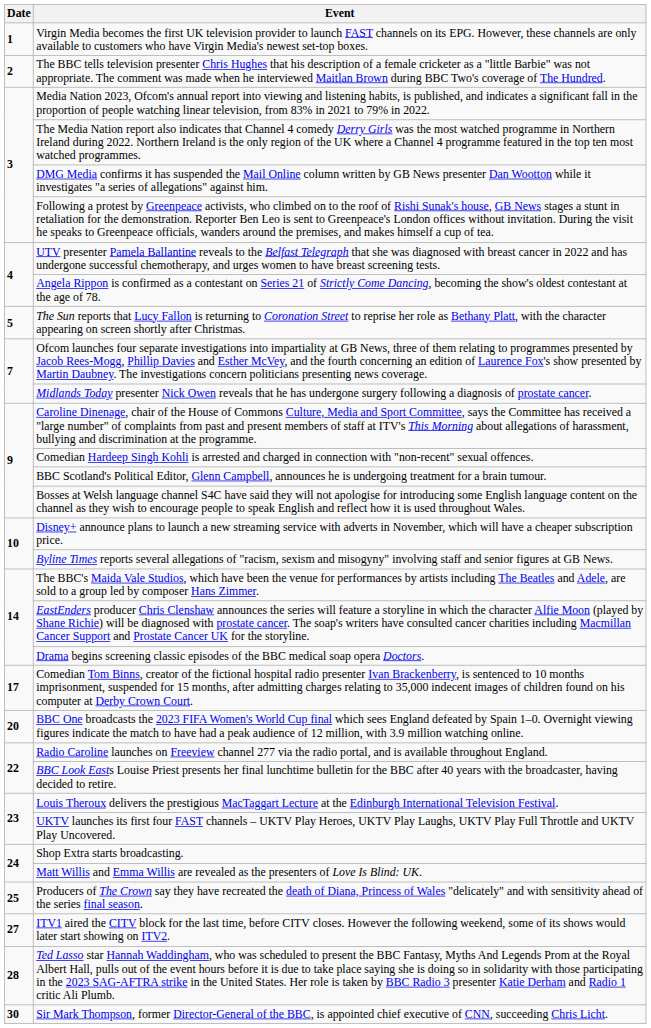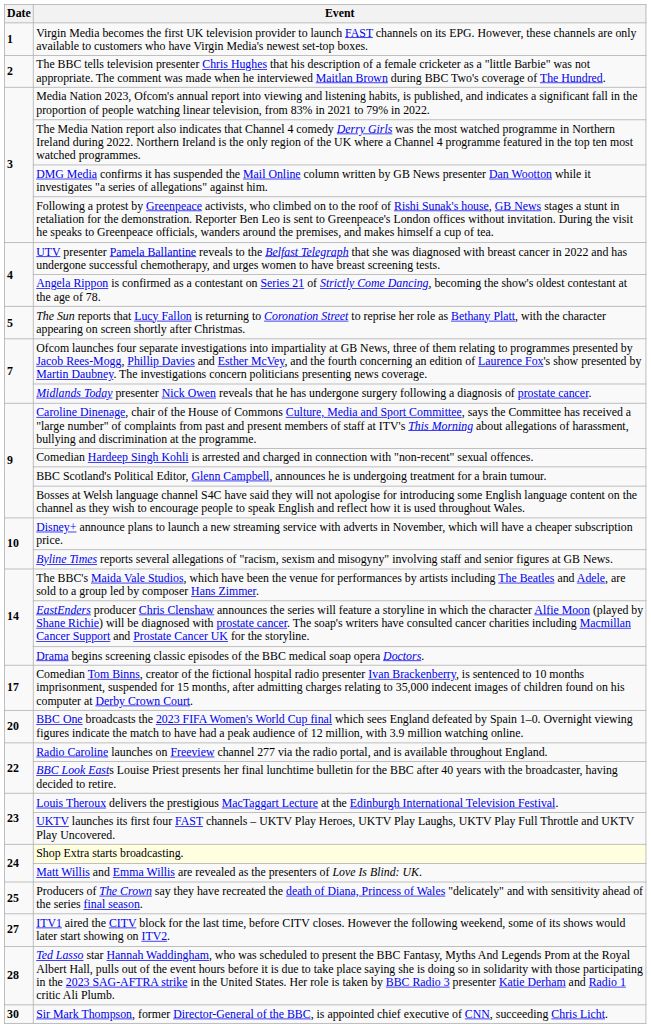 <table class="wikitable">
 <tr>
 <th>Date</th>
 <th>Event</th>
 </tr>
 <tr>
 <td><strong>1</strong></td>
 <td>Virgin Media becomes the first UK television provider to launch <a href='#'>FAST</a> channels on its EPG. However, these channels are only available to customers who have Virgin Media's newest set-top boxes.</td>
 </tr>
 <tr>
 <td><strong>2</strong></td>
 <td>The BBC tells television presenter <a href='#'>Chris Hughes</a> that his description of a female cricketer as a "little Barbie" was not appropriate. The comment was made when he interviewed <a href='#'>Maitlan Brown</a> during BBC Two's coverage of <a href='#'>The Hundred</a>.</td>
 </tr>
 <tr>
 <td rowspan=4><strong>3</strong></td>
 <td>Media Nation 2023, Ofcom's annual report into viewing and listening habits, is published, and indicates a significant fall in the proportion of people watching linear television, from 83% in 2021 to 79% in 2022.</td>
 </tr>
 <tr>
 <td>The Media Nation report also indicates that Channel 4 comedy <em><a href='#'>Derry Girls</a></em> was the most watched programme in Northern Ireland during 2022. Northern Ireland is the only region of the UK where a Channel 4 programme featured in the top ten most watched programmes.</td>
 </tr>
 <tr>
 <td><a href='#'>DMG Media</a> confirms it has suspended the <a href='#'>Mail Online</a> column written by GB News presenter <a href='#'>Dan Wootton</a> while it investigates "a series of allegations" against him.</td>
 </tr>
 <tr>
 <td>Following a protest by <a href='#'>Greenpeace</a> activists, who climbed on to the roof of <a href='#'>Rishi Sunak's house</a>, <a href='#'>GB News</a> stages a stunt in retaliation for the demonstration. Reporter Ben Leo is sent to Greenpeace's London offices without invitation. During the visit he speaks to Greenpeace officials, wanders around the premises, and makes himself a cup of tea.</td>
 </tr>
 <tr>
 <td rowspan=2><strong>4</strong></td>
 <td><a href='#'>UTV</a> presenter <a href='#'>Pamela Ballantine</a> reveals to the <em><a href='#'>Belfast Telegraph</a></em> that she was diagnosed with breast cancer in 2022 and has undergone successful chemotherapy, and urges women to have breast screening tests.</td>
 </tr>
 <tr>
 <td><a href='#'>Angela Rippon</a> is confirmed as a contestant on <a href='#'>Series 21</a> of <em><a href='#'>Strictly Come Dancing</a></em>, becoming the show's oldest contestant at the age of 78.</td>
 </tr>
 <tr>
 <td><strong>5</strong></td>
 <td><em>The Sun</em> reports that <a href='#'>Lucy Fallon</a> is returning to <em><a href='#'>Coronation Street</a></em> to reprise her role as <a href='#'>Bethany Platt</a>, with the character appearing on screen shortly after Christmas.</td>
 </tr>
 <tr>
 <td rowspan=2><strong>7</strong></td>
 <td>Ofcom launches four separate investigations into impartiality at GB News, three of them relating to programmes presented by <a href='#'>Jacob Rees-Mogg</a>, <a href='#'>Phillip Davies</a> and <a href='#'>Esther McVey</a>, and the fourth concerning an edition of <a href='#'>Laurence Fox</a>'s show presented by <a href='#'>Martin Daubney</a>. The investigations concern politicians presenting news coverage.</td>
 </tr>
 <tr>
 <td><em><a href='#'>Midlands Today</a></em> presenter <a href='#'>Nick Owen</a> reveals that he has undergone surgery following a diagnosis of <a href='#'>prostate cancer</a>.</td>
 </tr>
 <tr>
 <td rowspan=4><strong>9</strong></td>
 <td><a href='#'>Caroline Dinenage</a>, chair of the House of Commons <a href='#'>Culture, Media and Sport Committee</a>, says the Committee has received a "large number" of complaints from past and present members of staff at ITV's <em><a href='#'>This Morning</a></em> about allegations of harassment, bullying and discrimination at the programme.</td>
 </tr>
 <tr>
 <td>Comedian <a href='#'>Hardeep Singh Kohli</a> is arrested and charged in connection with "non-recent" sexual offences.</td>
 </tr>
 <tr>
 <td>BBC Scotland's Political Editor, <a href='#'>Glenn Campbell</a>, announces he is undergoing treatment for a brain tumour.</td>
 </tr>
 <tr>
 <td>Bosses at Welsh language channel S4C have said they will not apologise for introducing some English language content on the channel as they wish to encourage people to speak English and reflect how it is used throughout Wales.</td>
 </tr>
 <tr>
 <td rowspan=2><strong>10</strong></td>
 <td><a href='#'>Disney+</a> announce plans to launch a new streaming service with adverts in November, which will have a cheaper subscription price.</td>
 </tr>
 <tr>
 <td><em><a href='#'>Byline Times</a></em> reports several allegations of "racism, sexism and misogyny" involving staff and senior figures at GB News.</td>
 </tr>
 <tr>
 <td rowspan=3><strong>14</strong></td>
 <td>The BBC's <a href='#'>Maida Vale Studios</a>, which have been the venue for performances by artists including <a href='#'>The Beatles</a> and <a href='#'>Adele</a>, are sold to a group led by composer <a href='#'>Hans Zimmer</a>.</td>
 </tr>
 <tr>
 <td><em><a href='#'>EastEnders</a></em> producer <a href='#'>Chris Clenshaw</a> announces the series will feature a storyline in which the character <a href='#'>Alfie Moon</a> (played by <a href='#'>Shane Richie</a>) will be diagnosed with <a href='#'>prostate cancer</a>. The soap's writers have consulted cancer charities including <a href='#'>Macmillan Cancer Support</a> and <a href='#'>Prostate Cancer UK</a> for the storyline.</td>
 </tr>
 <tr>
 <td><a href='#'>Drama</a> begins screening classic episodes of the BBC medical soap opera <em><a href='#'>Doctors</a></em>.</td>
 </tr>
 <tr>
 <td><strong>17</strong></td>
 <td>Comedian <a href='#'>Tom Binns</a>, creator of the fictional hospital radio presenter <a href='#'>Ivan Brackenberry</a>, is sentenced to 10 months imprisonment, suspended for 15 months, after admitting charges relating to 35,000 indecent images of children found on his computer at <a href='#'>Derby Crown Court</a>.</td>
 </tr>
 <tr>
 <td><strong>20</strong></td>
 <td><a href='#'>BBC One</a> broadcasts the <a href='#'>2023 FIFA Women's World Cup final</a> which sees England defeated by Spain 1–0. Overnight viewing figures indicate the match to have had a peak audience of 12 million, with 3.9 million watching online.</td>
 </tr>
 <tr>
 <td rowspan=2><strong>22</strong></td>
 <td><a href='#'>Radio Caroline</a> launches on <a href='#'>Freeview</a> channel 277 via the radio portal, and is available throughout England.</td>
 </tr>
 <tr>
 <td><em><a href='#'>BBC Look East</a></em>s Louise Priest presents her final lunchtime bulletin for the BBC after 40 years with the broadcaster, having decided to retire.</td>
 </tr>
 <tr>
 <td rowspan=2><strong>23</strong></td>
 <td><a href='#'>Louis Theroux</a> delivers the prestigious <a href='#'>MacTaggart Lecture</a> at the <a href='#'>Edinburgh International Television Festival</a>.</td>
 </tr>
 <tr>
 <td><a href='#'>UKTV</a> launches its first four <a href='#'>FAST</a> channels – UKTV Play Heroes, UKTV Play Laughs, UKTV Play Full Throttle and UKTV Play Uncovered.</td>
 </tr>
 <tr>
 <td rowspan=2><strong>24</strong></td>
-<td>Shop Extra starts broadcasting.</td>
+<td style="background: lightyellow;">Shop Extra starts broadcasting.</td>
 </tr>
 <tr>
 <td><a href='#'>Matt Willis</a> and <a href='#'>Emma Willis</a> are revealed as the presenters of <em>Love Is Blind: UK</em>.</td>
 </tr>
 <tr>
 <td><strong>25</strong></td>
 <td>Producers of <em><a href='#'>The Crown</a></em> say they have recreated the <a href='#'>death of Diana, Princess of Wales</a> "delicately" and with sensitivity ahead of the series <a href='#'>final season</a>.</td>
 </tr>
 <tr>
 <td><strong>27</strong></td>
 <td><a href='#'>ITV1</a> aired the <a href='#'>CITV</a> block for the last time, before CITV closes. However the following weekend, some of its shows would later start showing on <a href='#'>ITV2</a>.</td>
 </tr>
 <tr>
 <td><strong>28</strong></td>
 <td><em><a href='#'>Ted Lasso</a></em> star <a href='#'>Hannah Waddingham</a>, who was scheduled to present the BBC Fantasy, Myths And Legends Prom at the Royal Albert Hall, pulls out of the event hours before it is due to take place saying she is doing so in solidarity with those participating in the <a href='#'>2023 SAG-AFTRA strike</a> in the United States. Her role is taken by <a href='#'>BBC Radio 3</a> presenter <a href='#'>Katie Derham</a> and <a href='#'>Radio 1</a> critic Ali Plumb.</td>
 </tr>
 <tr>
 <td><strong>30</strong></td>
 <td><a href='#'>Sir Mark Thompson</a>, former <a href='#'>Director-General of the BBC</a>, is appointed chief executive of <a href='#'>CNN</a>, succeeding <a href='#'>Chris Licht</a>.</td>
 </tr>
 </table>
